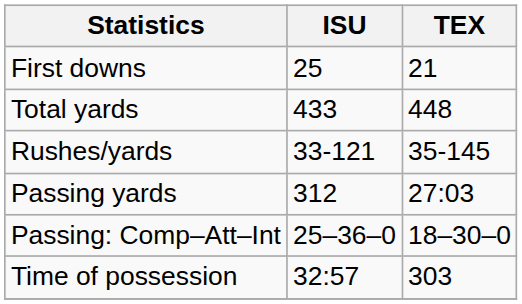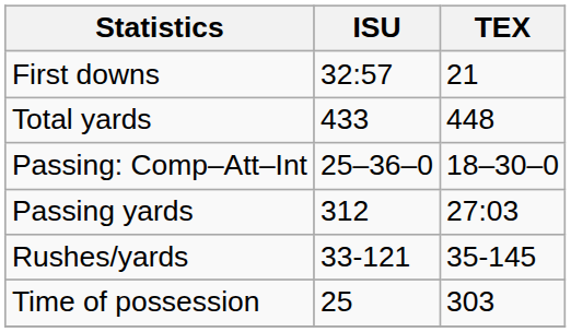 <table class="wikitable" style="float: left;">
 <tr>
 <th>Statistics</th>
 <th>ISU</th>
 <th>TEX</th>
 </tr>
 <tr>
 <td>First downs</td>
-<td>25</td>
+<td>32:57</td>
 <td>21</td>
 </tr>
 <tr>
 <td>Total yards</td>
 <td>433</td>
 <td>448</td>
 </tr>
 <tr>
-<td>Rushes/yards</td>
-<td>33-121</td>
-<td>35-145</td>
+<td>Passing: Comp–Att–Int</td>
+<td>25–36–0</td>
+<td>18–30–0</td>
 </tr>
 <tr>
 <td>Passing yards</td>
 <td>312</td>
 <td>27:03</td>
 </tr>
 <tr>
-<td>Passing: Comp–Att–Int</td>
-<td>25–36–0</td>
-<td>18–30–0</td>
+<td>Rushes/yards</td>
+<td>33-121</td>
+<td>35-145</td>
 </tr>
 <tr>
 <td>Time of possession</td>
-<td>32:57</td>
+<td>25</td>
 <td>303</td>
 </tr>
 <tr>
 </tr>
 </table>
